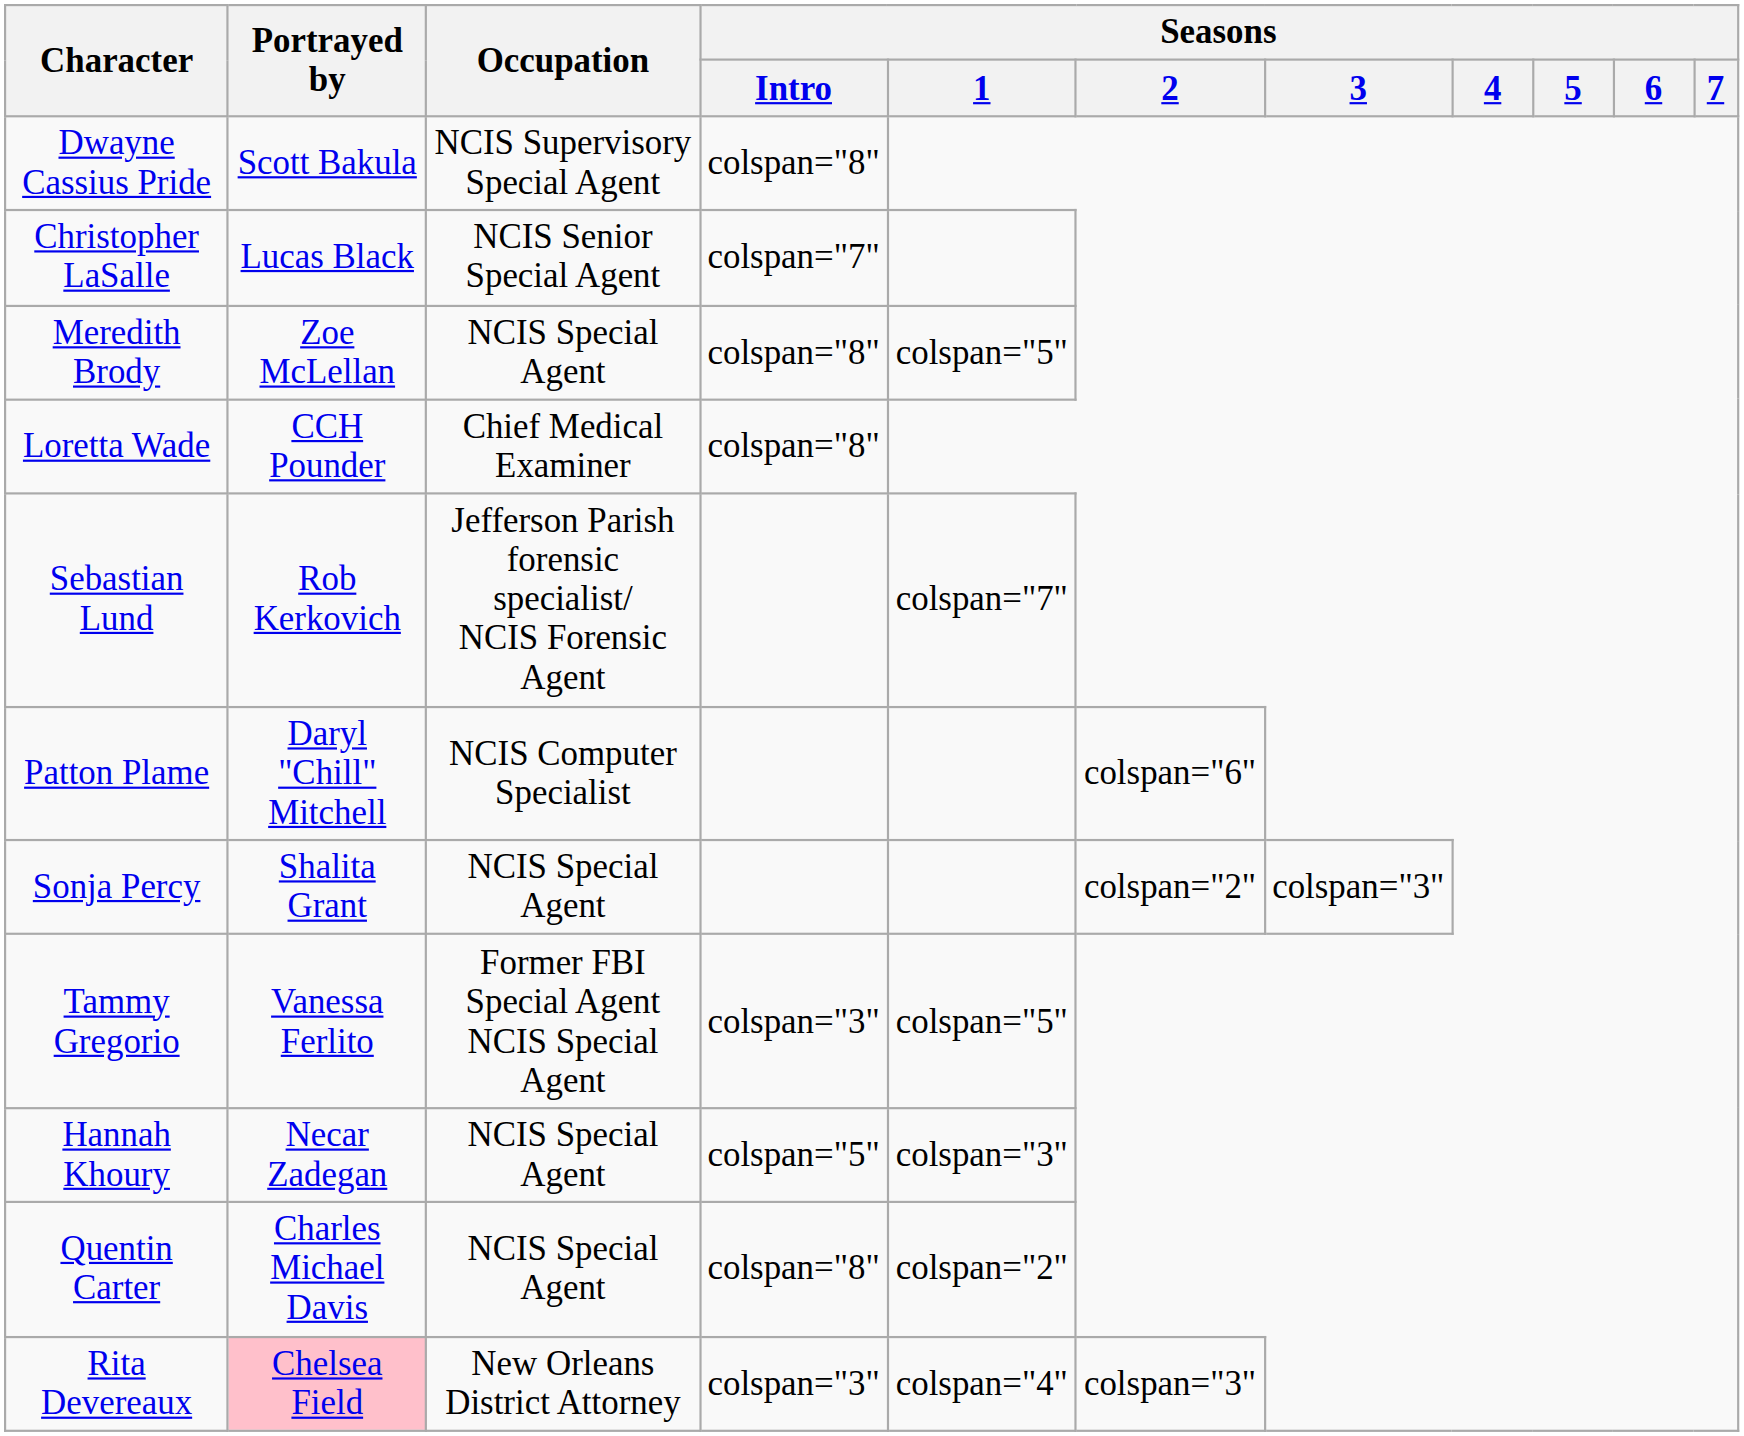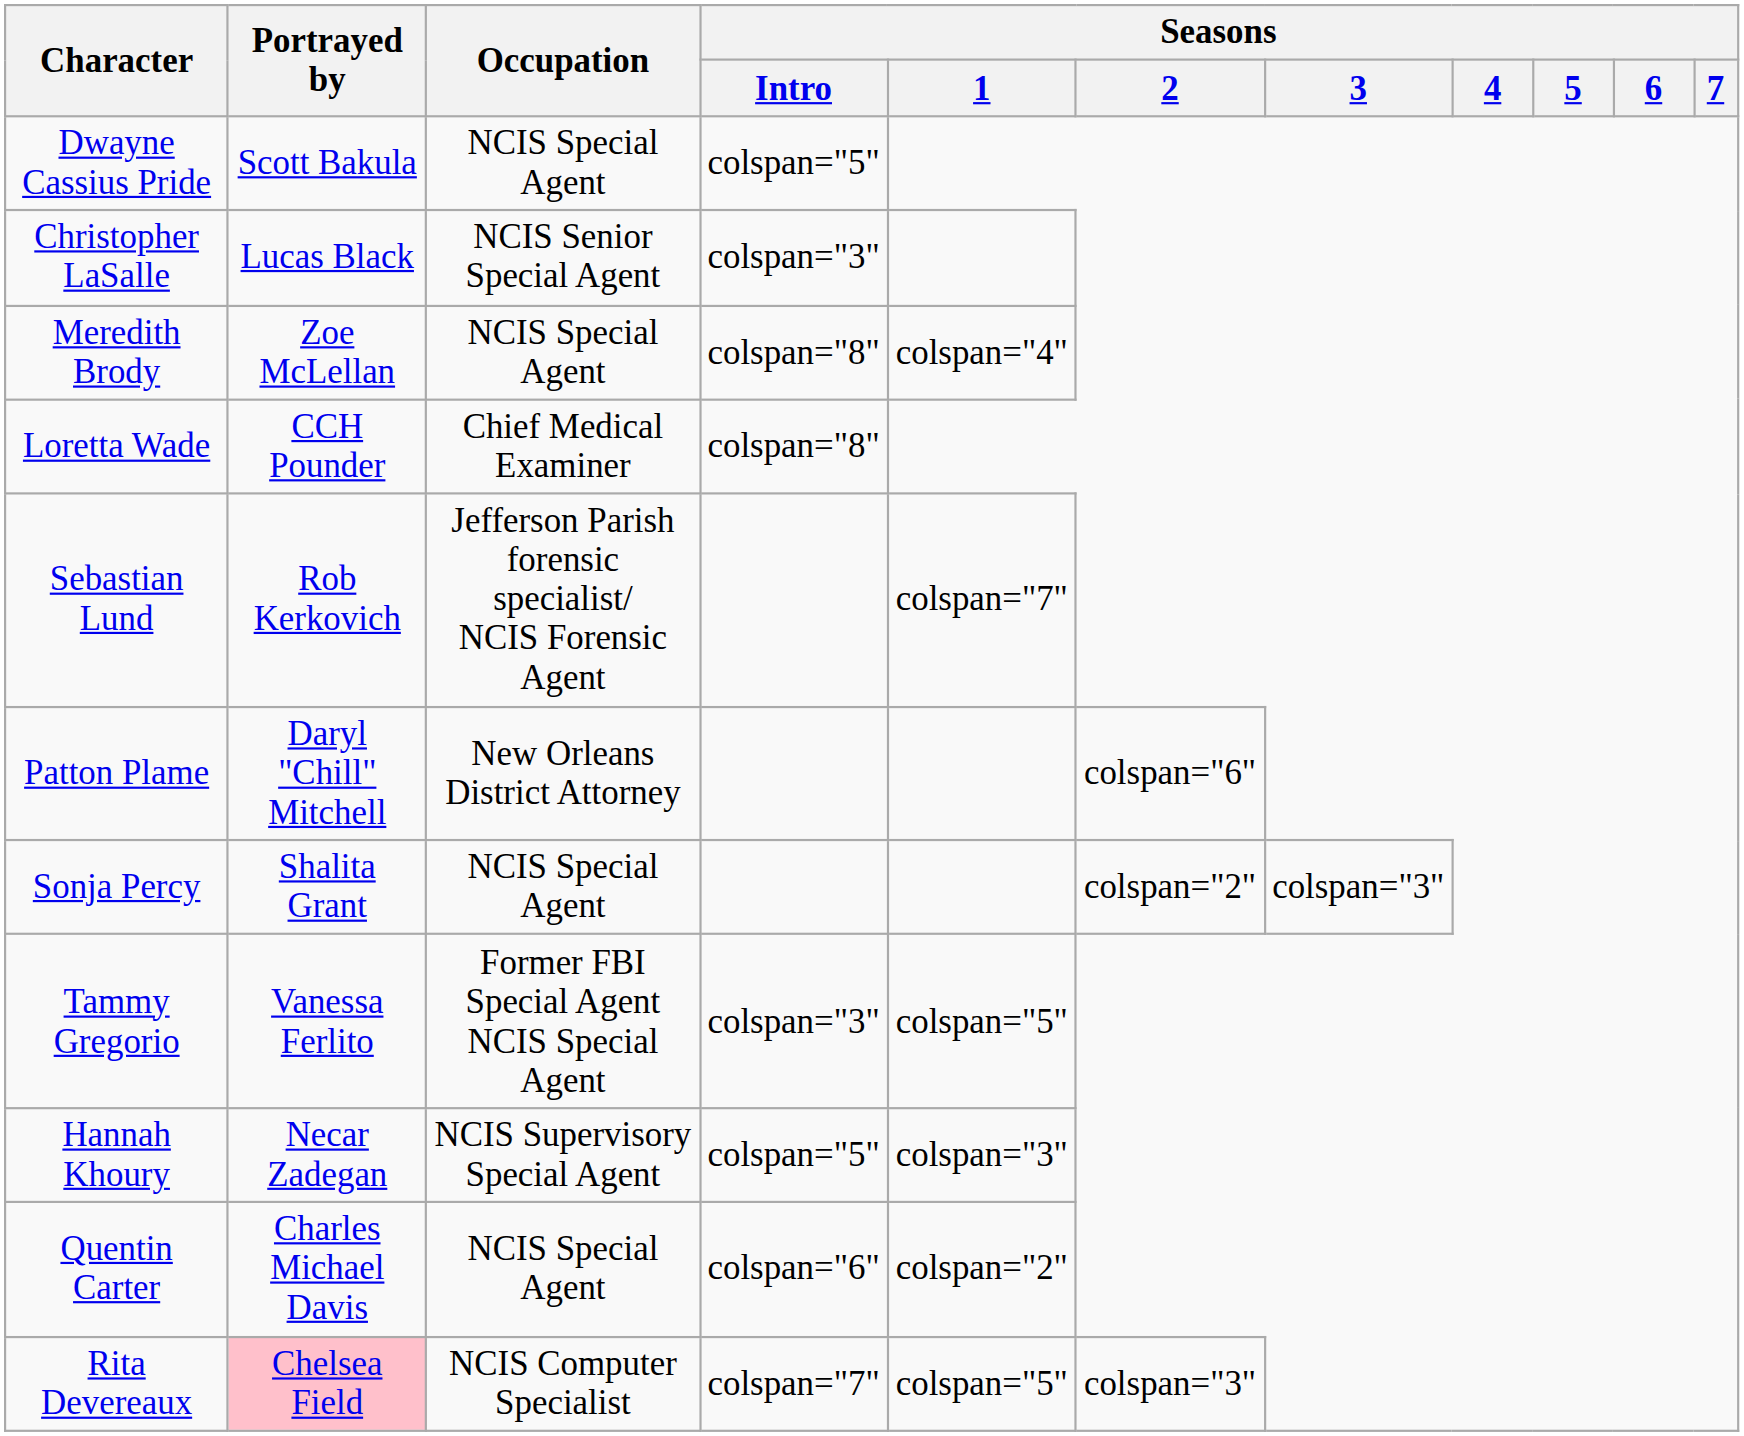 <table class="wikitable plainrowheaders" style="text-align:center; width:90%">
 <tr>
 <th scope="col" rowspan="2" style="width:15%">Character</th>
 <th scope="col" rowspan="2" style="width:13%">Portrayed by</th>
 <th scope="col" rowspan="2" style="width:20%">Occupation</th>
 <th scope="col" colspan="8" style="width:42%">Seasons</th>
 </tr>
 <tr>
 <th scope="col" style="width:7%"><a href='#'>Intro</a></th>
 <th scope="col" style="width:7%"><a href='#'>1</a></th>
 <th scope="col" style="width:7%"><a href='#'>2</a></th>
 <th scope="col" style="width:7%"><a href='#'>3</a></th>
 <th scope="col" style="width:7%"><a href='#'>4</a></th>
 <th scope="col" style="width:7%"><a href='#'>5</a></th>
 <th scope="col" style="width:7%"><a href='#'>6</a></th>
 <th scope="col" style="width:7%"><a href='#'>7</a></th>
 </tr>
 <tr>
 <td scope="row"><a href='#'>Dwayne Cassius Pride</a></td>
 <td><a href='#'>Scott Bakula</a></td>
-<td>NCIS Supervisory Special Agent</td>
-<td>colspan="8" </td>
+<td>NCIS Special Agent</td>
+<td>colspan="5" </td>
 </tr>
 <tr>
 <td scope="row"><a href='#'>Christopher LaSalle</a></td>
 <td><a href='#'>Lucas Black</a></td>
 <td>NCIS Senior Special Agent</td>
-<td>colspan="7" </td>
+<td>colspan="3" </td>
 <td></td>
 </tr>
 <tr>
 <td scope="row"><a href='#'>Meredith Brody</a></td>
 <td><a href='#'>Zoe McLellan</a></td>
 <td>NCIS Special Agent</td>
 <td>colspan="8" </td>
-<td>colspan="5" </td>
+<td>colspan="4" </td>
 </tr>
 <tr>
 <td scope="row"><a href='#'>Loretta Wade</a></td>
 <td><a href='#'>CCH Pounder</a></td>
 <td>Chief Medical Examiner</td>
 <td>colspan="8" </td>
 </tr>
 <tr>
 <td scope="row"><a href='#'>Sebastian Lund</a></td>
 <td><a href='#'>Rob Kerkovich</a></td>
 <td>Jefferson Parish forensic specialist/<br>NCIS Forensic Agent</td>
 <td></td>
 <td>colspan="7" </td>
 </tr>
 <tr>
 <td scope="row"><a href='#'>Patton Plame</a></td>
 <td><a href='#'>Daryl "Chill" Mitchell</a></td>
-<td>NCIS Computer Specialist</td>
+<td>New Orleans District Attorney</td>
 <td></td>
 <td></td>
 <td>colspan="6" </td>
 </tr>
 <tr>
 <td scope="row"><a href='#'>Sonja Percy</a></td>
 <td><a href='#'>Shalita Grant</a></td>
 <td>NCIS Special Agent</td>
 <td></td>
 <td></td>
 <td>colspan="2" </td>
 <td>colspan="3" </td>
 </tr>
 <tr>
 <td scope="row"><a href='#'>Tammy Gregorio</a></td>
 <td><a href='#'>Vanessa Ferlito</a></td>
 <td>Former FBI Special Agent<br>NCIS Special Agent</td>
 <td>colspan="3" </td>
 <td>colspan="5" </td>
 </tr>
 <tr>
 <td scope="row"><a href='#'>Hannah Khoury</a></td>
 <td><a href='#'>Necar Zadegan</a></td>
-<td>NCIS Special Agent</td>
+<td>NCIS Supervisory Special Agent</td>
 <td>colspan="5" </td>
 <td>colspan="3" </td>
 </tr>
 <tr>
 <td scope="row"><a href='#'>Quentin Carter</a></td>
 <td><a href='#'>Charles Michael Davis</a></td>
 <td>NCIS Special Agent</td>
-<td>colspan="8" </td>
+<td>colspan="6" </td>
 <td>colspan="2" </td>
 </tr>
 <tr>
 <td scope="row"><a href='#'>Rita Devereaux</a></td>
 <td style="background: pink;"><a href='#'>Chelsea Field</a></td>
-<td>New Orleans District Attorney</td>
-<td>colspan="3" </td>
-<td>colspan="4" </td>
+<td>NCIS Computer Specialist</td>
+<td>colspan="7" </td>
+<td>colspan="5" </td>
 <td>colspan="3" </td>
 </tr>
 </table>
